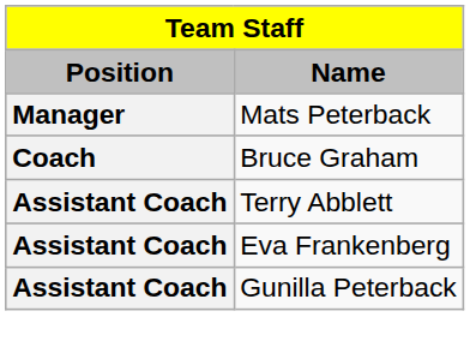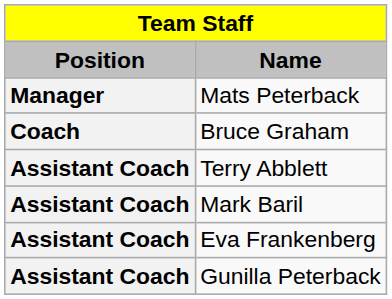 <table class="wikitable" style="text-align:left; font-size:90%;">
 <tr>
 <th style=background:Yellow colspan=2>Team Staff</th>
 </tr>
 <tr>
 <th style="background:silver;">Position</th>
 <th style="background:silver;">Name</th>
 </tr>
 <tr>
 <th style="text-align:left;">Manager</th>
 <td>Mats Peterback</td>
 </tr>
 <tr>
 <th style="text-align:left;">Coach</th>
 <td>Bruce Graham</td>
 </tr>
 <tr>
 <th style="text-align:left;">Assistant Coach</th>
 <td>Terry Abblett</td>
 </tr>
 <tr>
 <th style="text-align:left;">Assistant Coach</th>
+<td>Mark Baril</td>
+</tr>
+<tr>
+<th style="text-align:left;">Assistant Coach</th>
 <td>Eva Frankenberg</td>
 </tr>
 <tr>
 <th style="text-align:left;">Assistant Coach</th>
 <td>Gunilla Peterback</td>
 </tr>
 </table>
